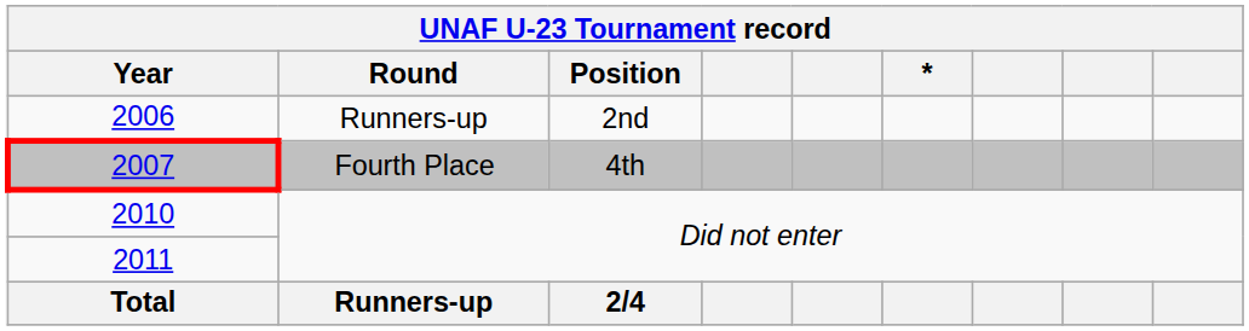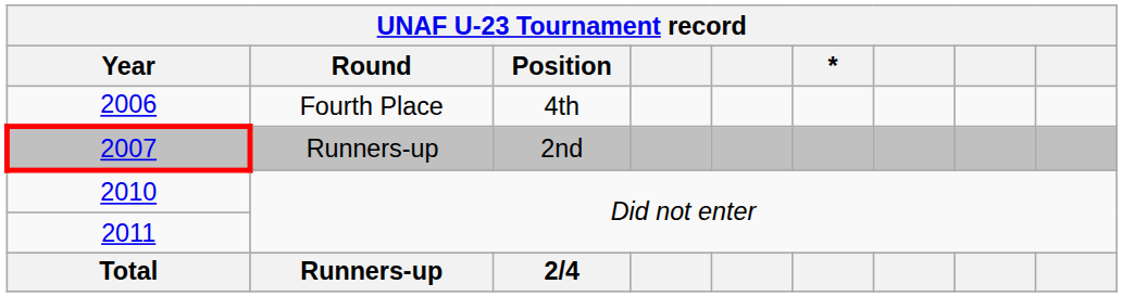 <table class="wikitable" style="font-size:90%; text-align:center;" width="50%">
 <tr>
 <th colspan=9><a href='#'>UNAF U-23 Tournament</a> record</th>
 </tr>
 <tr>
 <th width="15%">Year</th>
 <th width="15%">Round</th>
 <th width="5%">Position</th>
 <th width="5%"></th>
 <th width="5%"></th>
 <th width="5%">*</th>
 <th width="5%"></th>
 <th width="5%"></th>
 <th width="5%"></th>
 </tr>
 <tr>
 <td> <a href='#'>2006</a></td>
-<td>Runners-up</td>
-<td>2nd</td>
+<td>Fourth Place</td>
+<td>4th</td>
 <td></td>
 <td></td>
 <td></td>
 <td></td>
 <td></td>
 <td></td>
 </tr>
 <tr bgcolor=silver>
 <td style="border: 3px solid red"> <a href='#'>2007</a></td>
-<td>Fourth Place</td>
-<td>4th</td>
+<td>Runners-up</td>
+<td>2nd</td>
 <td></td>
 <td></td>
 <td></td>
 <td></td>
 <td></td>
 <td></td>
 </tr>
 <tr>
 <td> <a href='#'>2010</a></td>
 <td colspan=8 rowspan=2><em>Did not enter</em></td>
 </tr>
 <tr>
 <td> <a href='#'>2011</a></td>
 </tr>
 <tr>
 <th>Total</th>
 <th>Runners-up</th>
 <th>2/4</th>
 <th></th>
 <th></th>
 <th></th>
 <th></th>
 <th></th>
 <th></th>
 </tr>
 </table>
